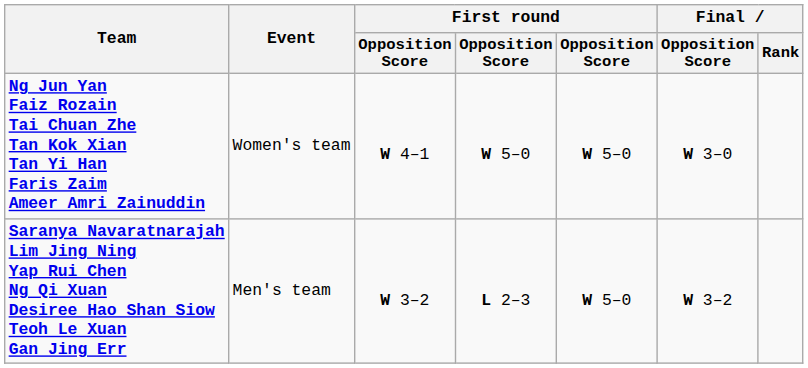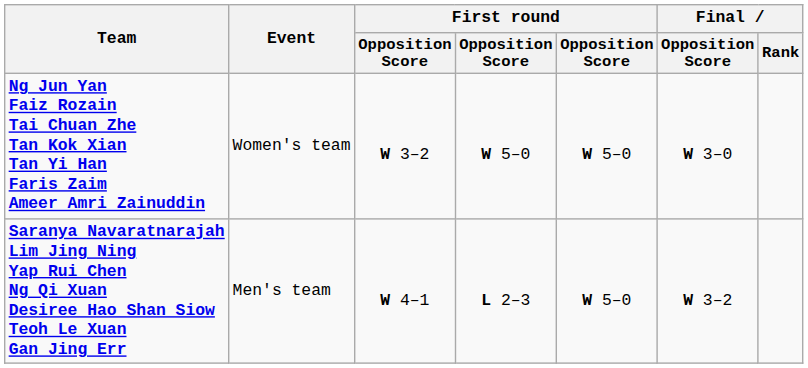 <table class=wikitable style=font-size:90%;text-align:center>
 <tr>
 <th rowspan=2>Team</th>
 <th rowspan=2>Event</th>
 <th colspan=3>First round</th>
 <th colspan=2>Final / </th>
 </tr>
 <tr style=font-size:95%>
 <th>Opposition<br>Score</th>
 <th>Opposition<br>Score</th>
 <th>Opposition<br>Score</th>
 <th>Opposition<br>Score</th>
 <th>Rank</th>
 </tr>
 <tr>
 <td align=left><strong><a href='#'>Ng Jun Yan</a><br><a href='#'>Faiz Rozain</a><br><a href='#'>Tai Chuan Zhe</a><br><a href='#'>Tan Kok Xian</a><br><a href='#'>Tan Yi Han</a><br><a href='#'>Faris Zaim</a><br><a href='#'>Ameer Amri Zainuddin</a></strong></td>
 <td align=left>Women's team</td>
-<td><br><strong>W</strong> 4–1</td>
+<td><br><strong>W</strong> 3–2</td>
 <td><br><strong>W</strong> 5–0</td>
 <td><br><strong>W</strong> 5–0</td>
 <td><br><strong>W</strong> 3–0</td>
 <td></td>
 </tr>
 <tr>
 <td align=left><strong><a href='#'>Saranya Navaratnarajah</a><br><a href='#'>Lim Jing Ning</a><br><a href='#'>Yap Rui Chen</a><br><a href='#'>Ng Qi Xuan</a><br><a href='#'>Desiree Hao Shan Siow</a><br><a href='#'>Teoh Le Xuan</a><br><a href='#'>Gan Jing Err</a></strong></td>
 <td align=left>Men's team</td>
-<td><br><strong>W</strong> 3–2</td>
+<td><br><strong>W</strong> 4–1</td>
 <td><br><strong>L</strong> 2–3</td>
 <td><br><strong>W</strong> 5–0</td>
 <td><br><strong>W</strong> 3–2</td>
 <td></td>
 </tr>
 </table>
